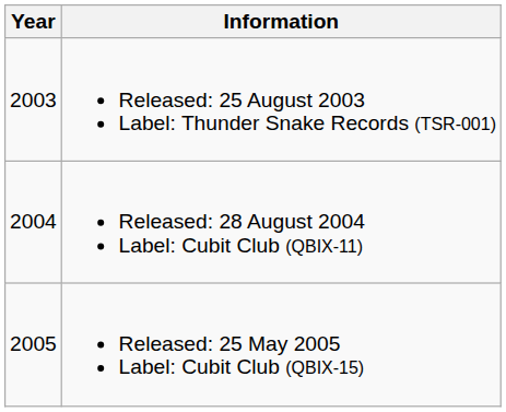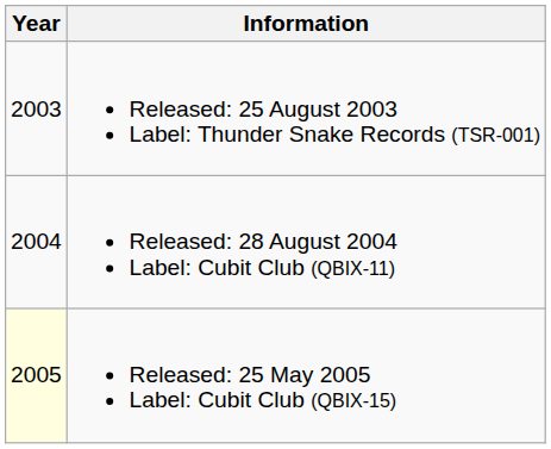 <table class="wikitable">
 <tr>
 <th>Year</th>
 <th>Information</th>
 </tr>
 <tr>
 <td>2003</td>
 <td><br><ul><li>Released: 25 August 2003</li><li>Label: Thunder Snake Records <small>(TSR-001)</small></li></ul></td>
 </tr>
 <tr>
 <td>2004</td>
 <td><br><ul><li>Released: 28 August 2004</li><li>Label: Cubit Club <small>(QBIX-11)</small></li></ul></td>
 </tr>
 <tr>
-<td>2005</td>
+<td style="background: lightyellow;">2005</td>
 <td><br><ul><li>Released: 25 May 2005</li><li>Label: Cubit Club <small>(QBIX-15)</small></li></ul></td>
 </tr>
 </table>
